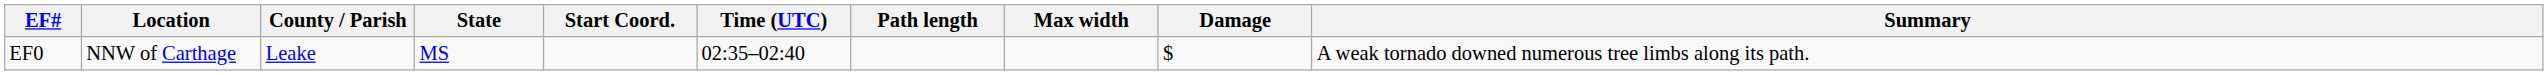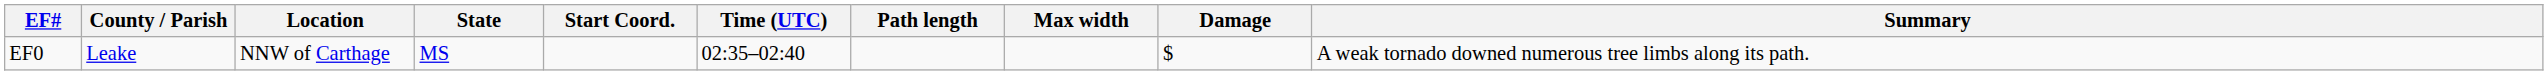 <table class="wikitable sortable" style="width:100%;">
 <tr>
 <th scope="col"  style="width:3%; text-align:center;"><a href='#'>EF#</a></th>
+<th scope="col"  style="width:6%; text-align:center;" class="unsortable">County / Parish</th>
 <th scope="col"  style="width:7%; text-align:center;" class="unsortable">Location</th>
-<th scope="col"  style="width:6%; text-align:center;" class="unsortable">County / Parish</th>
 <th scope="col"  style="width:5%; text-align:center;">State</th>
 <th scope="col"  style="width:6%; text-align:center;">Start Coord.</th>
 <th scope="col"  style="width:6%; text-align:center;">Time (<a href='#'>UTC</a>)</th>
 <th scope="col"  style="width:6%; text-align:center;">Path length</th>
 <th scope="col"  style="width:6%; text-align:center;">Max width</th>
 <th scope="col"  style="width:6%; text-align:center;">Damage</th>
 <th scope="col" class="unsortable" style="width:48%; text-align:center;">Summary</th>
 </tr>
 <tr>
 <td>EF0</td>
+<td><a href='#'>Leake</a></td>
 <td>NNW of <a href='#'>Carthage</a></td>
-<td><a href='#'>Leake</a></td>
 <td><a href='#'>MS</a></td>
 <td></td>
 <td>02:35–02:40</td>
 <td></td>
 <td></td>
 <td>$</td>
 <td>A weak tornado downed numerous tree limbs along its path.</td>
 </tr>
 </table>
